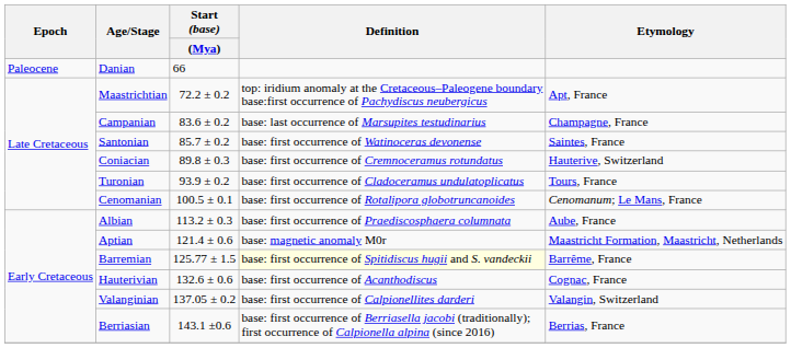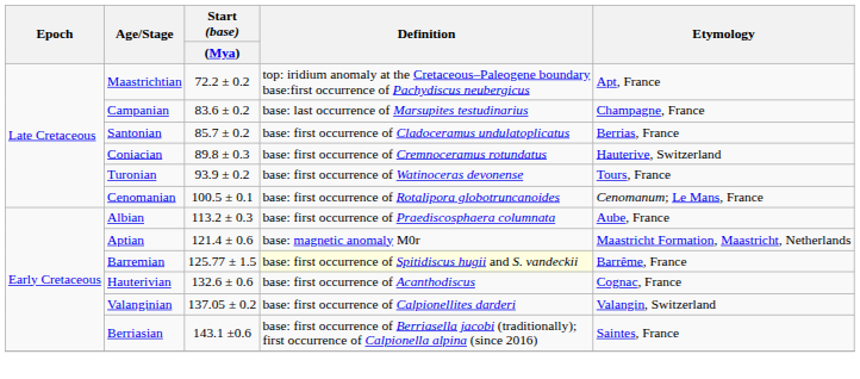 <table class="wikitable">
 <tr>
 <th rowspan=2>Epoch</th>
 <th rowspan=2>Age/Stage</th>
 <th>Start<br><em>(base)</em></th>
 <th rowspan="2">Definition</th>
 <th rowspan=2>Etymology</th>
 </tr>
 <tr>
 <th align="center">(<a href='#'>Mya</a>)</th>
-</tr>
-<tr>
-<td><a href='#'>Paleocene</a></td>
-<td><a href='#'>Danian</a></td>
-<td>66</td>
-<td></td>
-<td></td>
 </tr>
 <tr>
 <td rowspan="6" style="background-color: "><a href='#'>Late Cretaceous</a></td>
 <td style="background-color: "><a href='#'>Maastrichtian</a></td>
 <td align="center">72.2 ± 0.2</td>
 <td>top: iridium anomaly at the <a href='#'>Cretaceous–Paleogene boundary</a><br>base:first occurrence of <em><a href='#'>Pachydiscus neubergicus</a></em></td>
 <td><a href='#'>Apt</a>, France</td>
 </tr>
 <tr>
 <td style="background-color: "><a href='#'>Campanian</a></td>
 <td align="center">83.6 ± 0.2</td>
 <td>base: last occurrence of <em><a href='#'>Marsupites testudinarius</a></em></td>
 <td><a href='#'>Champagne</a>, France</td>
 </tr>
 <tr>
 <td style="background-color: "><a href='#'>Santonian</a></td>
 <td align="center">85.7 ± 0.2</td>
-<td>base: first occurrence of <em><a href='#'>Watinoceras devonense</a></em></td>
-<td><a href='#'>Saintes</a>, France</td>
+<td>base: first occurrence of <em><a href='#'>Cladoceramus undulatoplicatus</a></em></td>
+<td><a href='#'>Berrias</a>, France</td>
 </tr>
 <tr>
 <td style="background-color: "><a href='#'>Coniacian</a></td>
 <td align="center">89.8 ± 0.3</td>
 <td>base: first occurrence of <em><a href='#'>Cremnoceramus rotundatus</a></em></td>
 <td><a href='#'>Hauterive</a>, Switzerland</td>
 </tr>
 <tr>
 <td style="background-color: "><a href='#'>Turonian</a></td>
 <td align="center">93.9 ± 0.2</td>
-<td>base: first occurrence of <em><a href='#'>Cladoceramus undulatoplicatus</a></em></td>
+<td>base: first occurrence of <em><a href='#'>Watinoceras devonense</a></em></td>
 <td><a href='#'>Tours</a>, France</td>
 </tr>
 <tr>
 <td style="background-color: "><a href='#'>Cenomanian</a></td>
 <td align="center">100.5 ± 0.1</td>
 <td>base: first occurrence of <em><a href='#'>Rotalipora globotruncanoides</a></em></td>
 <td><em>Cenomanum</em>; <a href='#'>Le Mans</a>, France</td>
 </tr>
 <tr>
 <td rowspan="6" style="background-color: "><a href='#'>Early Cretaceous</a></td>
 <td style="background-color: "><a href='#'>Albian</a></td>
 <td align="center">113.2 ± 0.3</td>
 <td>base: first occurrence of <em><a href='#'>Praediscosphaera columnata</a></em></td>
 <td><a href='#'>Aube</a>, France</td>
 </tr>
 <tr>
 <td style="background-color: "><a href='#'>Aptian</a></td>
 <td align="center">121.4 ± 0.6</td>
 <td>base: <a href='#'>magnetic anomaly</a> M0r</td>
 <td><a href='#'>Maastricht Formation</a>, <a href='#'>Maastricht</a>, Netherlands</td>
 </tr>
 <tr>
 <td style="background-color: "><a href='#'>Barremian</a></td>
 <td align="center">125.77 ± 1.5</td>
 <td style="background: lightyellow;">base: first occurrence of <em><a href='#'>Spitidiscus hugii</a></em> and <em>S. vandeckii</em></td>
 <td><a href='#'>Barrême</a>, France</td>
 </tr>
 <tr>
 <td style="background-color: "><a href='#'>Hauterivian</a></td>
 <td align="center">132.6 ± 0.6</td>
 <td>base: first occurrence of <em><a href='#'>Acanthodiscus</a></em></td>
 <td><a href='#'>Cognac</a>, France</td>
 </tr>
 <tr>
 <td style="background-color: "><a href='#'>Valanginian</a></td>
 <td align="center">137.05 ± 0.2</td>
 <td>base: first occurrence of <em><a href='#'>Calpionellites darderi</a></em></td>
 <td><a href='#'>Valangin</a>, Switzerland</td>
 </tr>
 <tr>
 <td style="background-color: "><a href='#'>Berriasian</a></td>
 <td align="center">143.1 ±0.6</td>
 <td>base: first occurrence of <em><a href='#'>Berriasella jacobi</a></em> (traditionally);<br>first occurrence of <em><a href='#'>Calpionella alpina</a></em> (since 2016)</td>
-<td><a href='#'>Berrias</a>, France</td>
+<td><a href='#'>Saintes</a>, France</td>
 </tr>
 <tr>
 </tr>
 </table>
